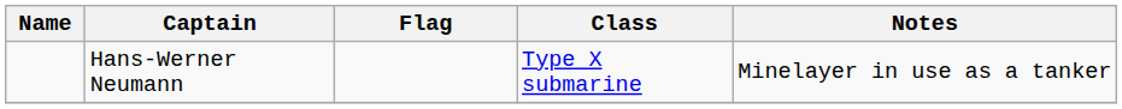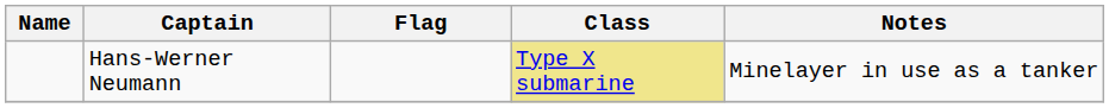 <table class="wikitable sortable">
 <tr>
 <th scope="col" width="40px">Name</th>
 <th scope="col" width="140px">Captain</th>
 <th scope="col" width="100px">Flag</th>
 <th scope="col" width="120px">Class</th>
 <th>Notes</th>
 </tr>
 <tr>
 <td align="left"></td>
 <td align="left">Hans-Werner Neumann</td>
 <td align="left"></td>
-<td align="left"><a href='#'>Type X submarine</a></td>
+<td align="left" style="background: khaki;"><a href='#'>Type X submarine</a></td>
 <td align="left">Minelayer in use as a tanker</td>
 </tr>
 <tr>
 </tr>
 </table>
